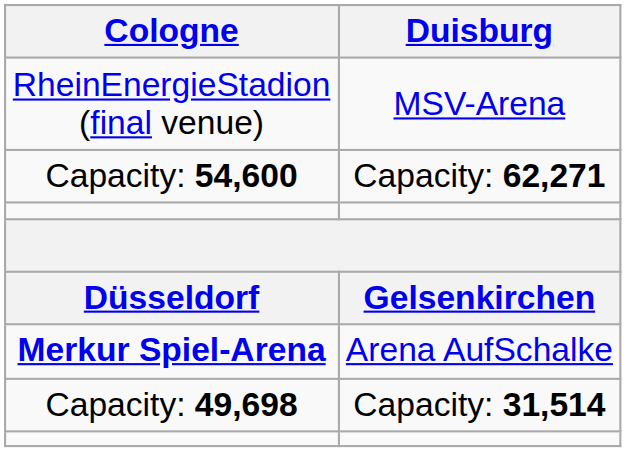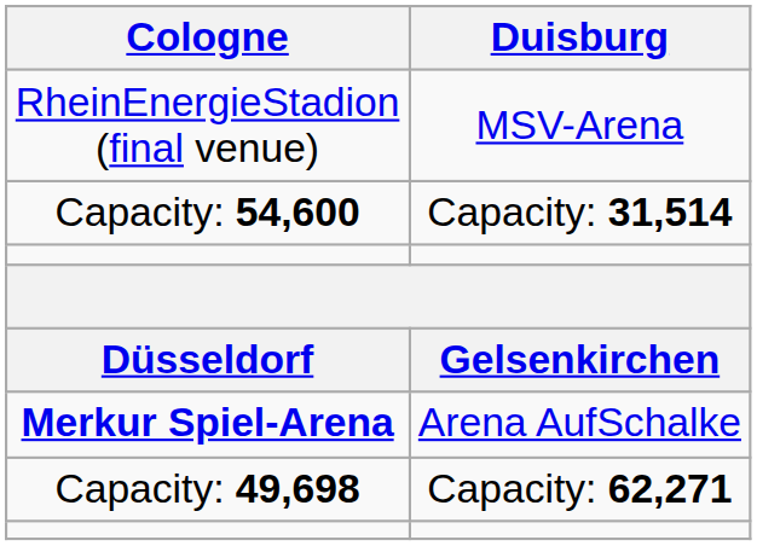 <table class="wikitable" style="text-align:center">
 <tr>
 <th><a href='#'>Cologne</a></th>
 <th><a href='#'>Duisburg</a></th>
 </tr>
 <tr>
 <td><a href='#'>RheinEnergieStadion</a><br>(<a href='#'>final</a> venue)</td>
 <td><a href='#'>MSV-Arena</a></td>
 </tr>
 <tr>
 <td>Capacity: <strong>54,600</strong></td>
-<td>Capacity: <strong>62,271</strong></td>
+<td>Capacity: <strong>31,514</strong></td>
 </tr>
 <tr>
 <td></td>
 <td></td>
 </tr>
 <tr>
 <th colspan=2><br></th>
 </tr>
 <tr>
 <th><a href='#'>Düsseldorf</a></th>
 <th><a href='#'>Gelsenkirchen</a></th>
 </tr>
 <tr>
 <td><strong><a href='#'>Merkur Spiel-Arena</a></strong></td>
 <td><a href='#'>Arena AufSchalke</a></td>
 </tr>
 <tr>
 <td>Capacity: <strong>49,698</strong></td>
-<td>Capacity: <strong>31,514</strong></td>
+<td>Capacity: <strong>62,271</strong></td>
 </tr>
 <tr>
 <td></td>
 <td></td>
 </tr>
 </table>
